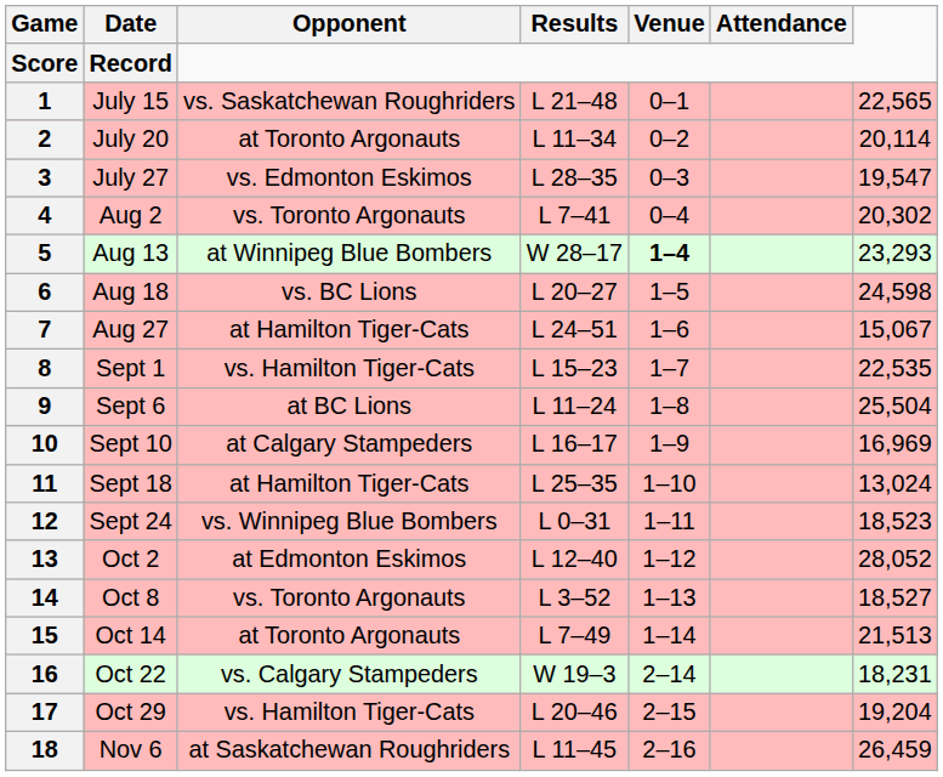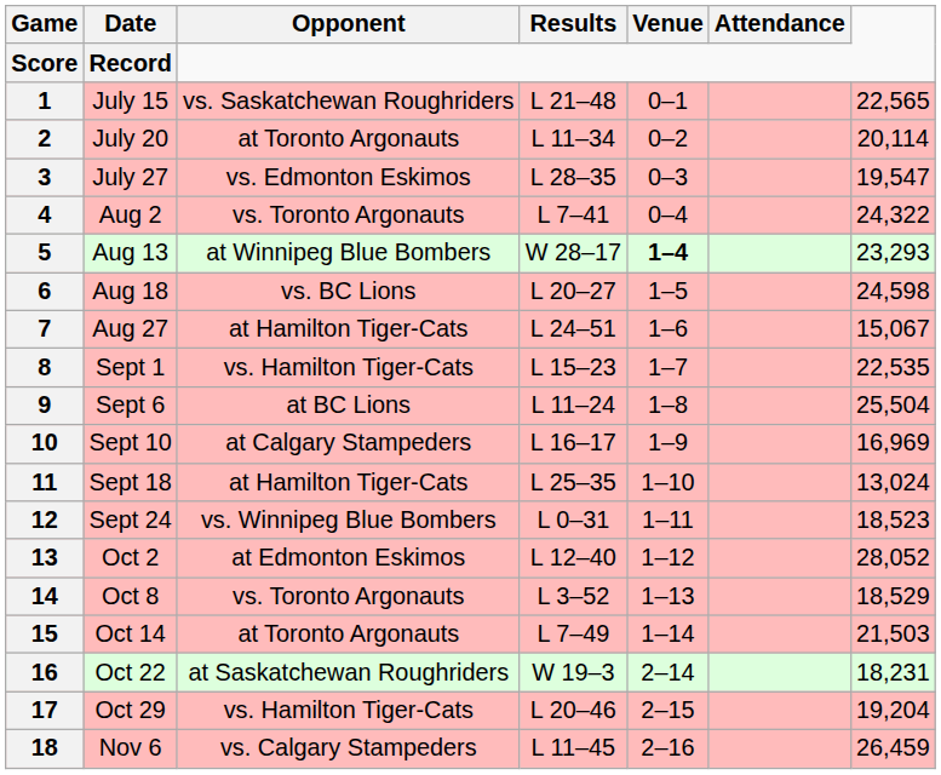 <table class="wikitable" style="text-align:center">
 <tr>
 <th>Game</th>
 <th>Date</th>
 <th>Opponent</th>
 <th>Results</th>
 <th>Venue</th>
 <th>Attendance</th>
 </tr>
 <tr>
 <th>Score</th>
 <th>Record</th>
 </tr>
 <tr style="background:#ffbbbb">
 <th>1</th>
 <td>July 15</td>
 <td>vs. Saskatchewan Roughriders</td>
 <td>L 21–48</td>
 <td>0–1</td>
 <td></td>
 <td>22,565</td>
 </tr>
 <tr style="background:#ffbbbb">
 <th>2</th>
 <td>July 20</td>
 <td>at Toronto Argonauts</td>
 <td>L 11–34</td>
 <td>0–2</td>
 <td></td>
 <td>20,114</td>
 </tr>
 <tr style="background:#ffbbbb">
 <th>3</th>
 <td>July 27</td>
 <td>vs. Edmonton Eskimos</td>
 <td>L 28–35</td>
 <td>0–3</td>
 <td></td>
 <td>19,547</td>
 </tr>
 <tr style="background:#ffbbbb">
 <th>4</th>
 <td>Aug 2</td>
 <td>vs. Toronto Argonauts</td>
 <td>L 7–41</td>
 <td>0–4</td>
 <td></td>
-<td>20,302</td>
+<td>24,322</td>
 </tr>
 <tr style="background:#ddffdd">
 <th>5</th>
 <td>Aug 13</td>
 <td>at Winnipeg Blue Bombers</td>
 <td>W 28–17</td>
 <td><strong>1–4</strong></td>
 <td></td>
 <td>23,293</td>
 </tr>
 <tr style="background:#ffbbbb">
 <th>6</th>
 <td>Aug 18</td>
 <td>vs. BC Lions</td>
 <td>L 20–27</td>
 <td>1–5</td>
 <td></td>
 <td>24,598</td>
 </tr>
 <tr style="background:#ffbbbb">
 <th>7</th>
 <td>Aug 27</td>
 <td>at Hamilton Tiger-Cats</td>
 <td>L 24–51</td>
 <td>1–6</td>
 <td></td>
 <td>15,067</td>
 </tr>
 <tr style="background:#ffbbbb">
 <th>8</th>
 <td>Sept 1</td>
 <td>vs. Hamilton Tiger-Cats</td>
 <td>L 15–23</td>
 <td>1–7</td>
 <td></td>
 <td>22,535</td>
 </tr>
 <tr style="background:#ffbbbb">
 <th>9</th>
 <td>Sept 6</td>
 <td>at BC Lions</td>
 <td>L 11–24</td>
 <td>1–8</td>
 <td></td>
 <td>25,504</td>
 </tr>
 <tr style="background:#ffbbbb">
 <th>10</th>
 <td>Sept 10</td>
 <td>at Calgary Stampeders</td>
 <td>L 16–17</td>
 <td>1–9</td>
 <td></td>
 <td>16,969</td>
 </tr>
 <tr style="background:#ffbbbb">
 <th>11</th>
 <td>Sept 18</td>
 <td>at Hamilton Tiger-Cats</td>
 <td>L 25–35</td>
 <td>1–10</td>
 <td></td>
 <td>13,024</td>
 </tr>
 <tr style="background:#ffbbbb">
 <th>12</th>
 <td>Sept 24</td>
 <td>vs. Winnipeg Blue Bombers</td>
 <td>L 0–31</td>
 <td>1–11</td>
 <td></td>
 <td>18,523</td>
 </tr>
 <tr style="background:#ffbbbb">
 <th>13</th>
 <td>Oct 2</td>
 <td>at Edmonton Eskimos</td>
 <td>L 12–40</td>
 <td>1–12</td>
 <td></td>
 <td>28,052</td>
 </tr>
 <tr style="background:#ffbbbb">
 <th>14</th>
 <td>Oct 8</td>
 <td>vs. Toronto Argonauts</td>
 <td>L 3–52</td>
 <td>1–13</td>
 <td></td>
-<td>18,527</td>
+<td>18,529</td>
 </tr>
 <tr style="background:#ffbbbb">
 <th>15</th>
 <td>Oct 14</td>
 <td>at Toronto Argonauts</td>
 <td>L 7–49</td>
 <td>1–14</td>
 <td></td>
-<td>21,513</td>
+<td>21,503</td>
 </tr>
 <tr style="background:#ddffdd">
 <th>16</th>
 <td>Oct 22</td>
-<td>vs. Calgary Stampeders</td>
+<td>at Saskatchewan Roughriders</td>
 <td>W 19–3</td>
 <td>2–14</td>
 <td></td>
 <td>18,231</td>
 </tr>
 <tr style="background:#ffbbbb">
 <th>17</th>
 <td>Oct 29</td>
 <td>vs. Hamilton Tiger-Cats</td>
 <td>L 20–46</td>
 <td>2–15</td>
 <td></td>
 <td>19,204</td>
 </tr>
 <tr style="background:#ffbbbb">
 <th>18</th>
 <td>Nov 6</td>
-<td>at Saskatchewan Roughriders</td>
+<td>vs. Calgary Stampeders</td>
 <td>L 11–45</td>
 <td>2–16</td>
 <td></td>
 <td>26,459</td>
 </tr>
 </table>
